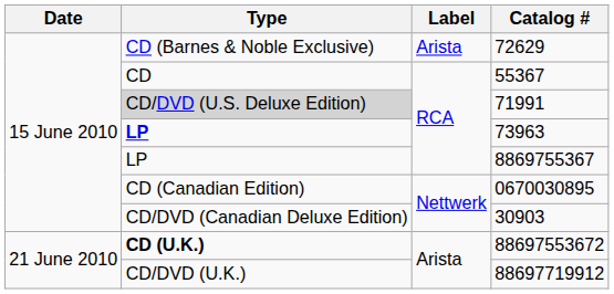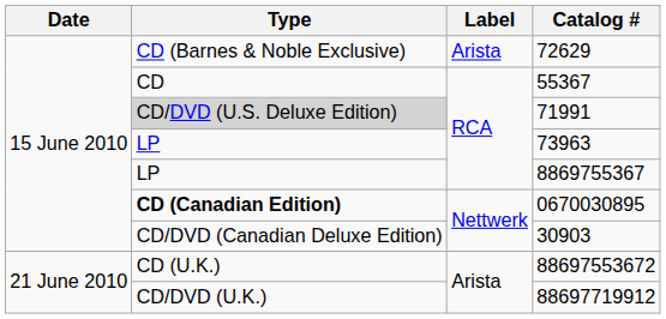 <table class="wikitable">
 <tr>
 <th>Date</th>
 <th>Type</th>
 <th>Label</th>
 <th>Catalog #</th>
 </tr>
 <tr>
 <td rowspan="7">15 June 2010</td>
 <td><a href='#'>CD</a> (Barnes & Noble Exclusive)</td>
 <td><a href='#'>Arista</a></td>
 <td>72629</td>
 </tr>
 <tr>
 <td>CD</td>
 <td rowspan="4"><a href='#'>RCA</a></td>
 <td>55367</td>
 </tr>
 <tr>
 <td style="background: lightgrey;">CD/<a href='#'>DVD</a> (U.S. Deluxe Edition)</td>
 <td>71991</td>
 </tr>
 <tr>
-<td><strong><a href='#'>LP</a></strong></td>
+<td><a href='#'>LP</a></td>
 <td>73963</td>
 </tr>
 <tr>
 <td>LP</td>
 <td>8869755367</td>
 </tr>
 <tr>
-<td>CD (Canadian Edition)</td>
+<td><strong>CD (Canadian Edition)</strong></td>
 <td rowspan="2"><a href='#'>Nettwerk</a></td>
 <td>0670030895</td>
 </tr>
 <tr>
 <td>CD/DVD (Canadian Deluxe Edition)</td>
 <td>30903</td>
 </tr>
 <tr>
 <td rowspan="2">21 June 2010</td>
-<td><strong>CD (U.K.)</strong></td>
+<td>CD (U.K.)</td>
 <td rowspan="2">Arista</td>
 <td>88697553672</td>
 </tr>
 <tr>
 <td>CD/DVD (U.K.)</td>
 <td>88697719912</td>
 </tr>
 </table>
